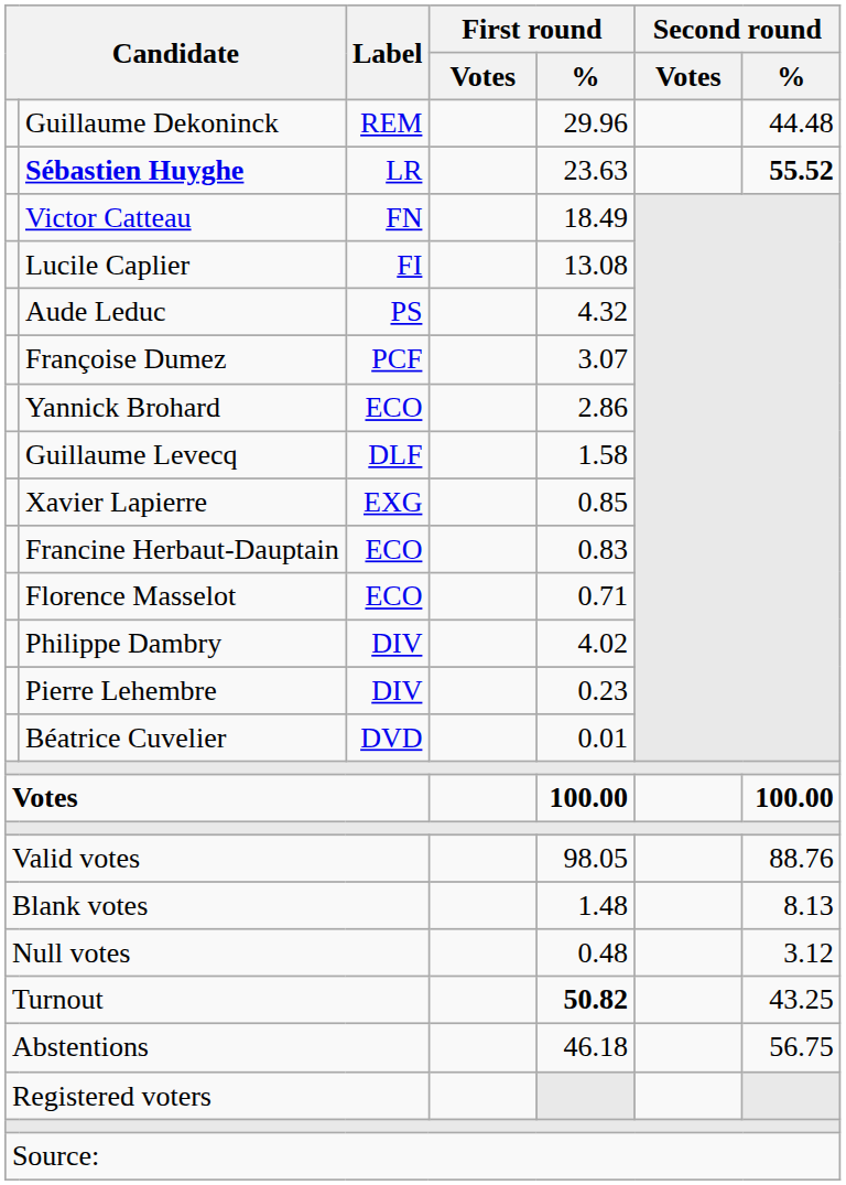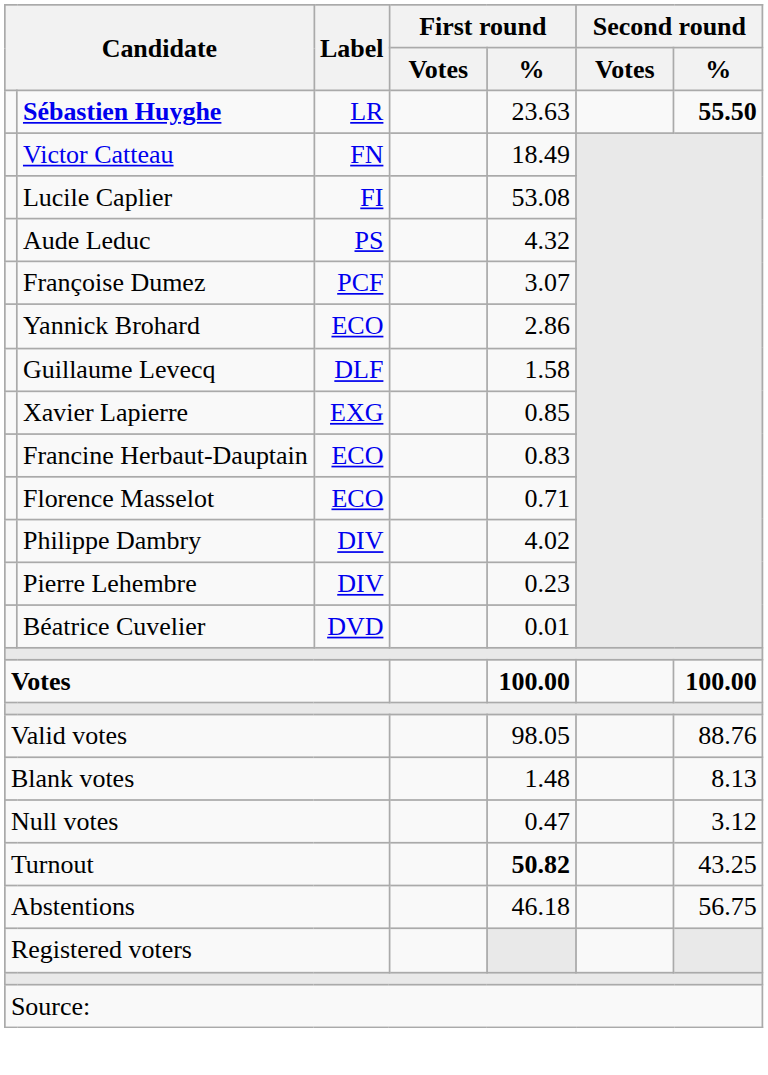 <table class="wikitable" style="text-align:right;font-size:95%;">
 <tr>
 <th rowspan="2" colspan="2">Candidate</th>
 <th rowspan="2">Label</th>
 <th colspan="2">First round</th>
 <th colspan="2">Second round</th>
 </tr>
 <tr>
 <th style="width:50px;">Votes</th>
 <th style="width:45px;">%</th>
 <th style="width:50px;">Votes</th>
 <th style="width:45px;">%</th>
 </tr>
 <tr>
 <td style="color:inherit;background:"></td>
-<td style="text-align:left;">Guillaume Dekoninck</td>
-<td><a href='#'>REM</a></td>
-<td></td>
-<td>29.96</td>
-<td></td>
-<td>44.48</td>
-</tr>
-<tr>
-<td style="color:inherit;background:"></td>
 <td style="text-align:left;"><strong><a href='#'>Sébastien Huyghe</a></strong></td>
 <td><a href='#'>LR</a></td>
 <td></td>
 <td>23.63</td>
 <td><strong></strong></td>
-<td><strong>55.52</strong></td>
+<td><strong>55.50</strong></td>
 </tr>
 <tr>
 <td style="color:inherit;background:"></td>
 <td style="text-align:left;"><a href='#'>Victor Catteau</a></td>
 <td><a href='#'>FN</a></td>
 <td></td>
 <td>18.49</td>
 <td colspan="2" rowspan="12" style="background:#E9E9E9;"></td>
 </tr>
 <tr>
 <td style="color:inherit;background:"></td>
 <td style="text-align:left;">Lucile Caplier</td>
 <td><a href='#'>FI</a></td>
 <td></td>
-<td>13.08</td>
+<td>53.08</td>
 </tr>
 <tr>
 <td style="color:inherit;background:"></td>
 <td style="text-align:left;">Aude Leduc</td>
 <td><a href='#'>PS</a></td>
 <td></td>
 <td>4.32</td>
 </tr>
 <tr>
 <td style="color:inherit;background:"></td>
 <td style="text-align:left;">Françoise Dumez</td>
 <td><a href='#'>PCF</a></td>
 <td></td>
 <td>3.07</td>
 </tr>
 <tr>
 <td style="color:inherit;background:"></td>
 <td style="text-align:left;">Yannick Brohard</td>
 <td><a href='#'>ECO</a></td>
 <td></td>
 <td>2.86</td>
 </tr>
 <tr>
 <td style="color:inherit;background:"></td>
 <td style="text-align:left;">Guillaume Levecq</td>
 <td><a href='#'>DLF</a></td>
 <td></td>
 <td>1.58</td>
 </tr>
 <tr>
 <td style="color:inherit;background:"></td>
 <td style="text-align:left;">Xavier Lapierre</td>
 <td><a href='#'>EXG</a></td>
 <td></td>
 <td>0.85</td>
 </tr>
 <tr>
 <td style="color:inherit;background:"></td>
 <td style="text-align:left;">Francine Herbaut-Dauptain</td>
 <td><a href='#'>ECO</a></td>
 <td></td>
 <td>0.83</td>
 </tr>
 <tr>
 <td style="color:inherit;background:"></td>
 <td style="text-align:left;">Florence Masselot</td>
 <td><a href='#'>ECO</a></td>
 <td></td>
 <td>0.71</td>
 </tr>
 <tr>
 <td style="color:inherit;background:"></td>
 <td style="text-align:left;">Philippe Dambry</td>
 <td><a href='#'>DIV</a></td>
 <td></td>
 <td>4.02</td>
 </tr>
 <tr>
 <td style="color:inherit;background:"></td>
 <td style="text-align:left;">Pierre Lehembre</td>
 <td><a href='#'>DIV</a></td>
 <td></td>
 <td>0.23</td>
 </tr>
 <tr>
 <td style="color:inherit;background:"></td>
 <td style="text-align:left;">Béatrice Cuvelier</td>
 <td><a href='#'>DVD</a></td>
 <td></td>
 <td>0.01</td>
 </tr>
 <tr>
 <td colspan="7" style="background:#E9E9E9;"></td>
 </tr>
 <tr style="font-weight:bold;">
 <td colspan="3" style="text-align:left;">Votes</td>
 <td></td>
 <td>100.00</td>
 <td></td>
 <td>100.00</td>
 </tr>
 <tr>
 <td colspan="7" style="background:#E9E9E9;"></td>
 </tr>
 <tr>
 <td colspan="3" style="text-align:left;">Valid votes</td>
 <td></td>
 <td>98.05</td>
 <td></td>
 <td>88.76</td>
 </tr>
 <tr>
 <td colspan="3" style="text-align:left;">Blank votes</td>
 <td></td>
 <td>1.48</td>
 <td></td>
 <td>8.13</td>
 </tr>
 <tr>
 <td colspan="3" style="text-align:left;">Null votes</td>
 <td></td>
-<td>0.48</td>
+<td>0.47</td>
 <td></td>
 <td>3.12</td>
 </tr>
 <tr>
 <td colspan="3" style="text-align:left;">Turnout</td>
 <td></td>
 <td><strong>50.82</strong></td>
 <td></td>
 <td>43.25</td>
 </tr>
 <tr>
 <td colspan="3" style="text-align:left;">Abstentions</td>
 <td></td>
 <td>46.18</td>
 <td></td>
 <td>56.75</td>
 </tr>
 <tr>
 <td colspan="3" style="text-align:left;">Registered voters</td>
 <td></td>
 <td style="background:#E9E9E9;"></td>
 <td></td>
 <td style="background:#E9E9E9;"></td>
 </tr>
 <tr>
 <td colspan="7" style="background:#E9E9E9;"></td>
 </tr>
 <tr>
 <td colspan="7" style="text-align:left;">Source: </td>
 </tr>
 </table>
